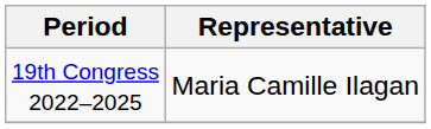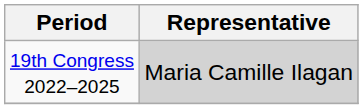 <table class="wikitable"; style="text-align:center">
 <tr>
 <th>Period</th>
 <th>Representative</th>
 </tr>
 <tr>
 <td><small><a href='#'>19th Congress</a><br>2022–2025</small></td>
-<td>Maria Camille Ilagan<br></td>
+<td style="background: lightgrey;">Maria Camille Ilagan<br></td>
 </tr>
 <tr>
 </tr>
 </table>
